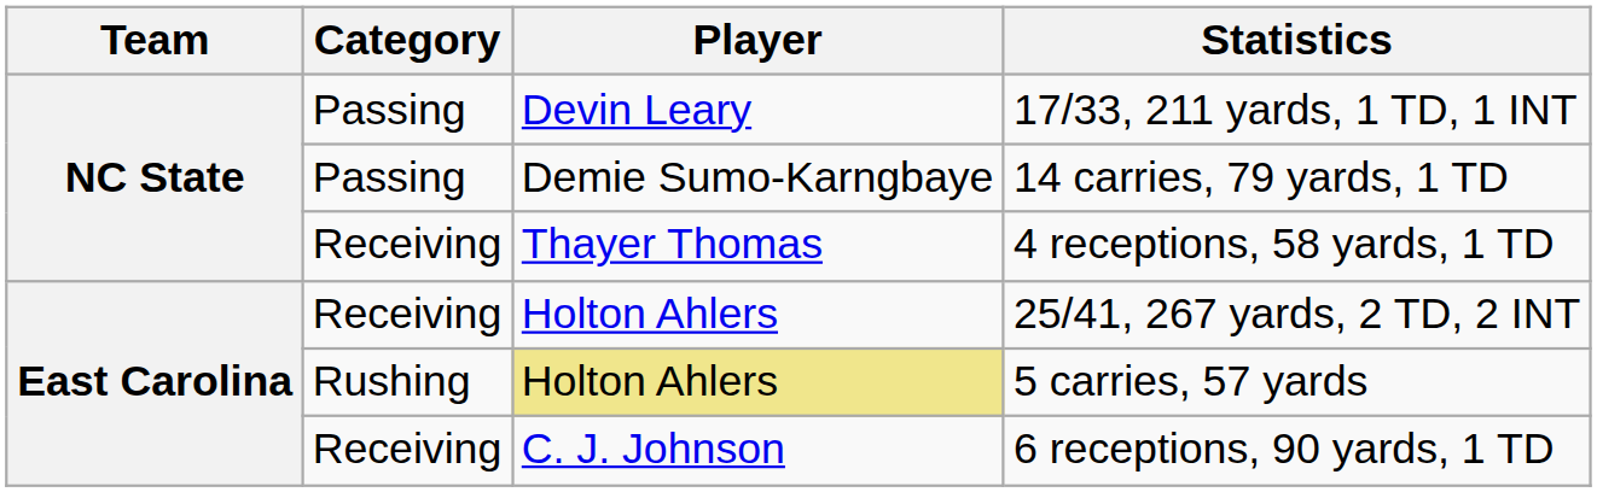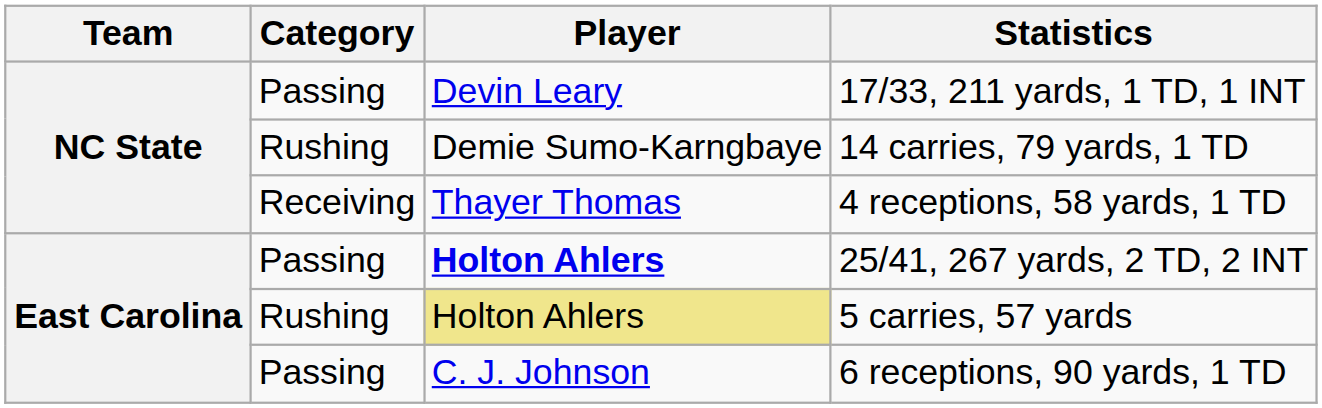 <table class="wikitable" style="float:right">
 <tr>
 <th>Team</th>
 <th>Category</th>
 <th>Player</th>
 <th>Statistics</th>
 </tr>
 <tr>
 <th rowspan=3>NC State</th>
 <td>Passing</td>
 <td><a href='#'>Devin Leary</a></td>
 <td>17/33, 211 yards, 1 TD, 1 INT</td>
 </tr>
 <tr>
-<td>Passing</td>
+<td>Rushing</td>
 <td>Demie Sumo-Karngbaye</td>
 <td>14 carries, 79 yards, 1 TD</td>
 </tr>
 <tr>
 <td>Receiving</td>
 <td><a href='#'>Thayer Thomas</a></td>
 <td>4 receptions, 58 yards, 1 TD</td>
 </tr>
 <tr>
 <th rowspan=3>East Carolina</th>
-<td>Receiving</td>
-<td><a href='#'>Holton Ahlers</a></td>
+<td>Passing</td>
+<td><strong><a href='#'>Holton Ahlers</a></strong></td>
 <td>25/41, 267 yards, 2 TD, 2 INT</td>
 </tr>
 <tr>
 <td>Rushing</td>
 <td style="background: khaki;">Holton Ahlers</td>
 <td>5 carries, 57 yards</td>
 </tr>
 <tr>
-<td>Receiving</td>
+<td>Passing</td>
 <td><a href='#'>C. J. Johnson</a></td>
 <td>6 receptions, 90 yards, 1 TD</td>
 </tr>
 </table>
